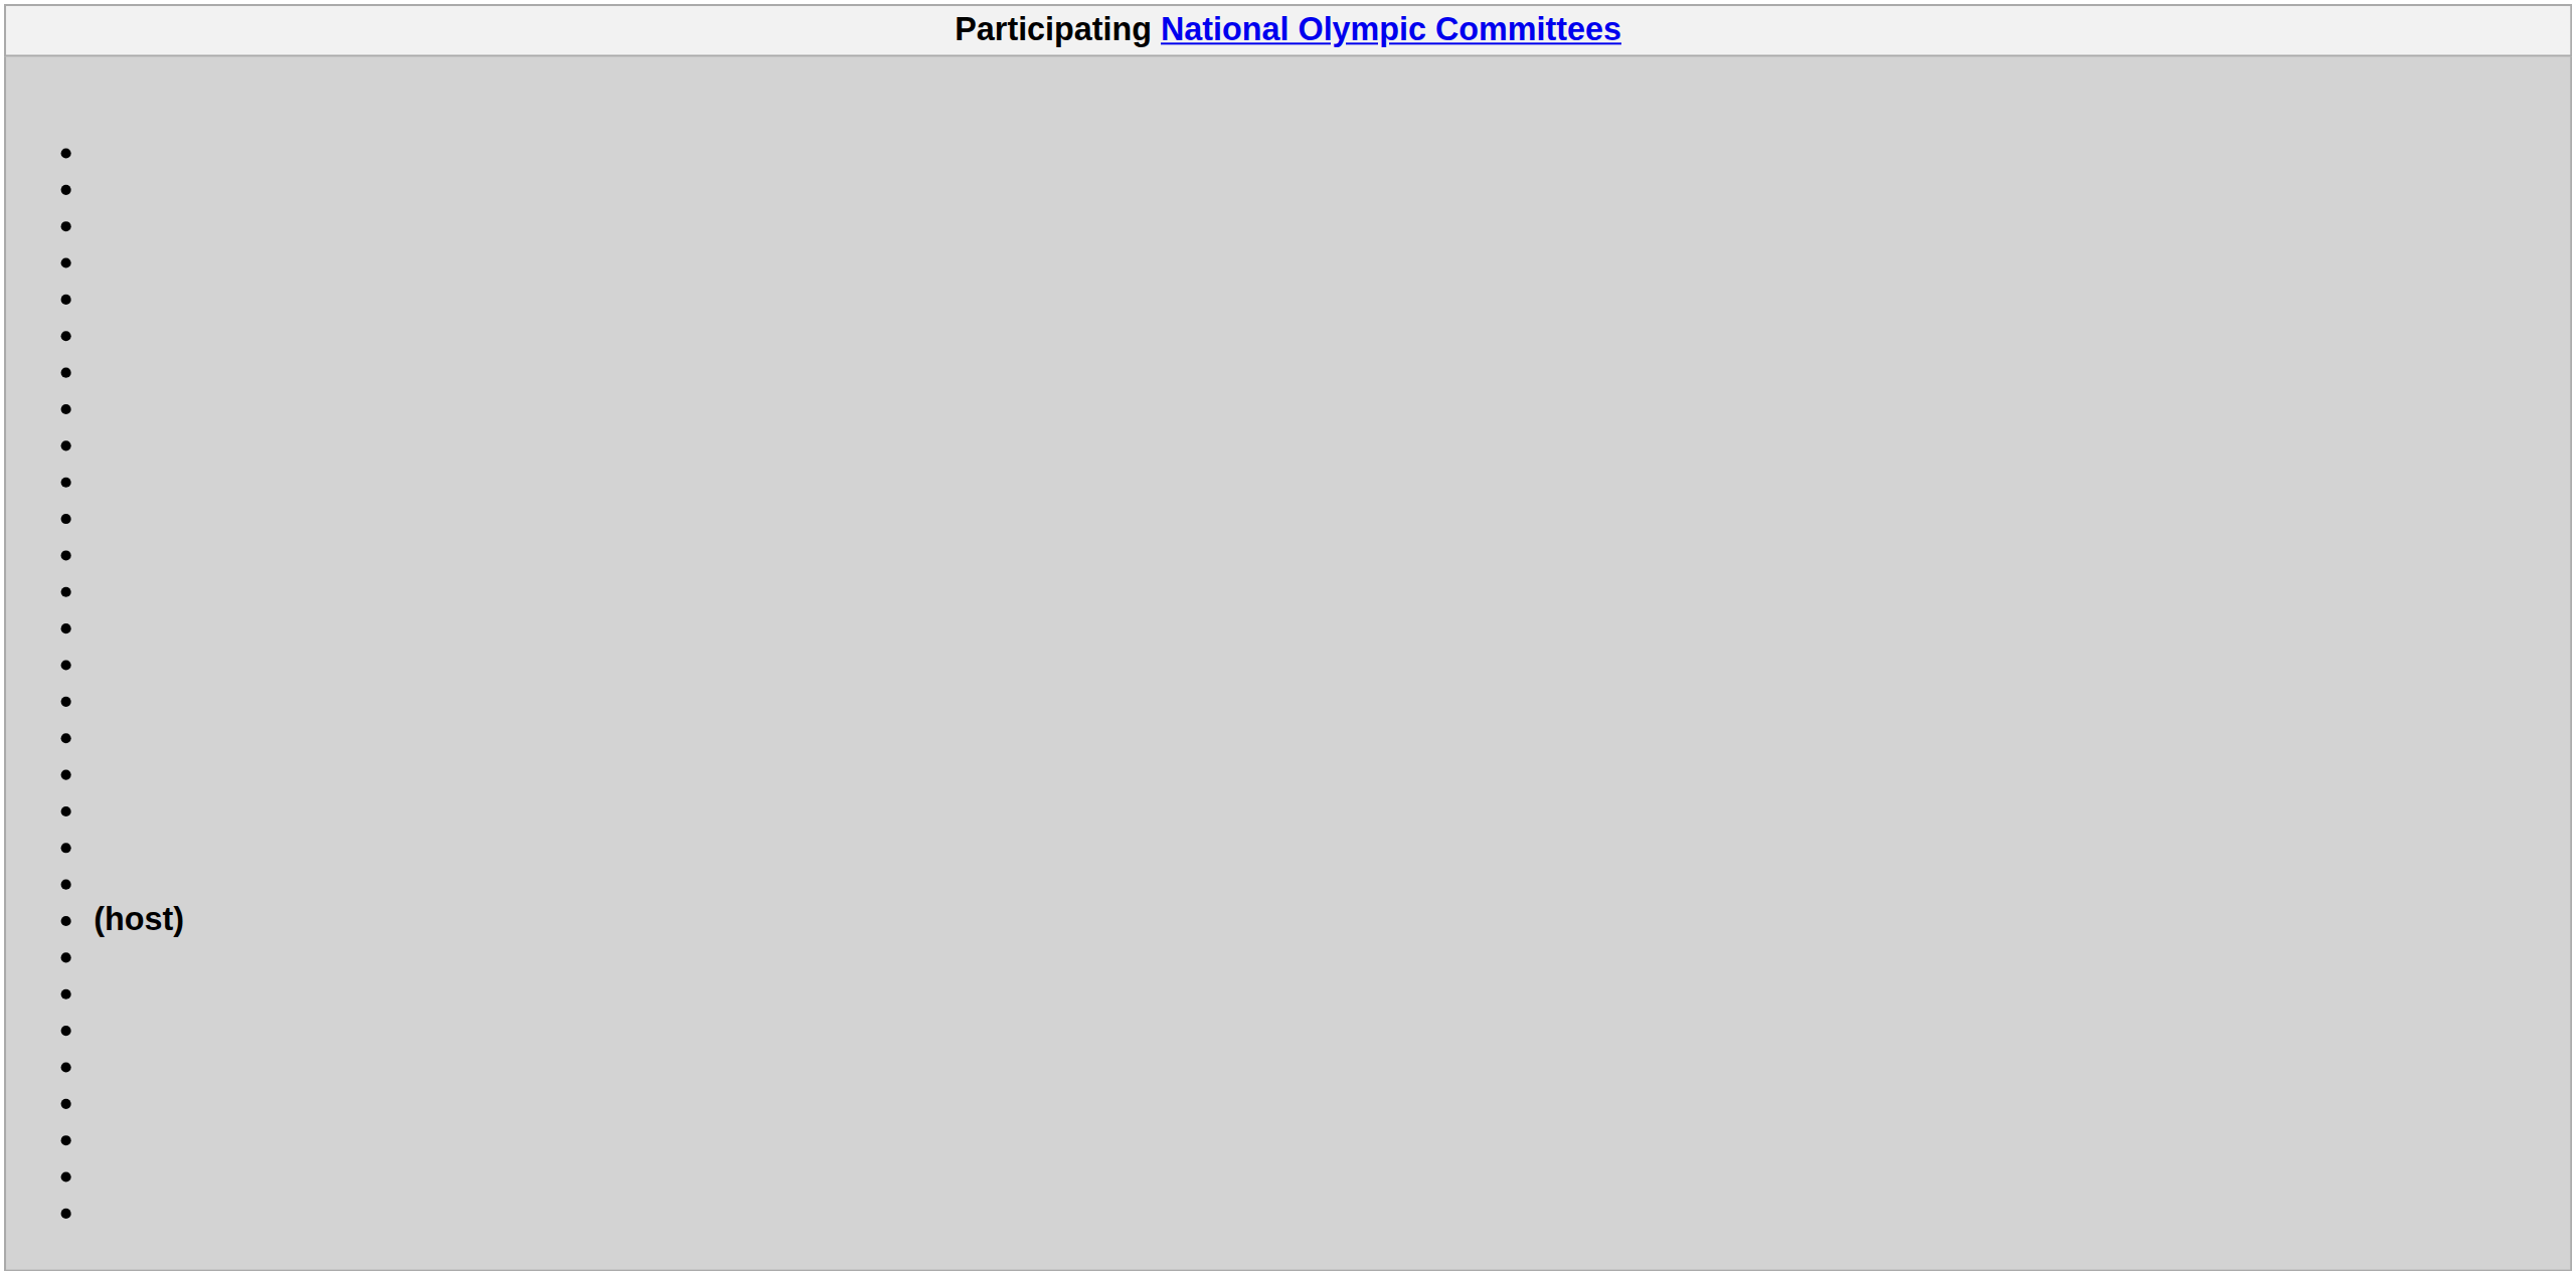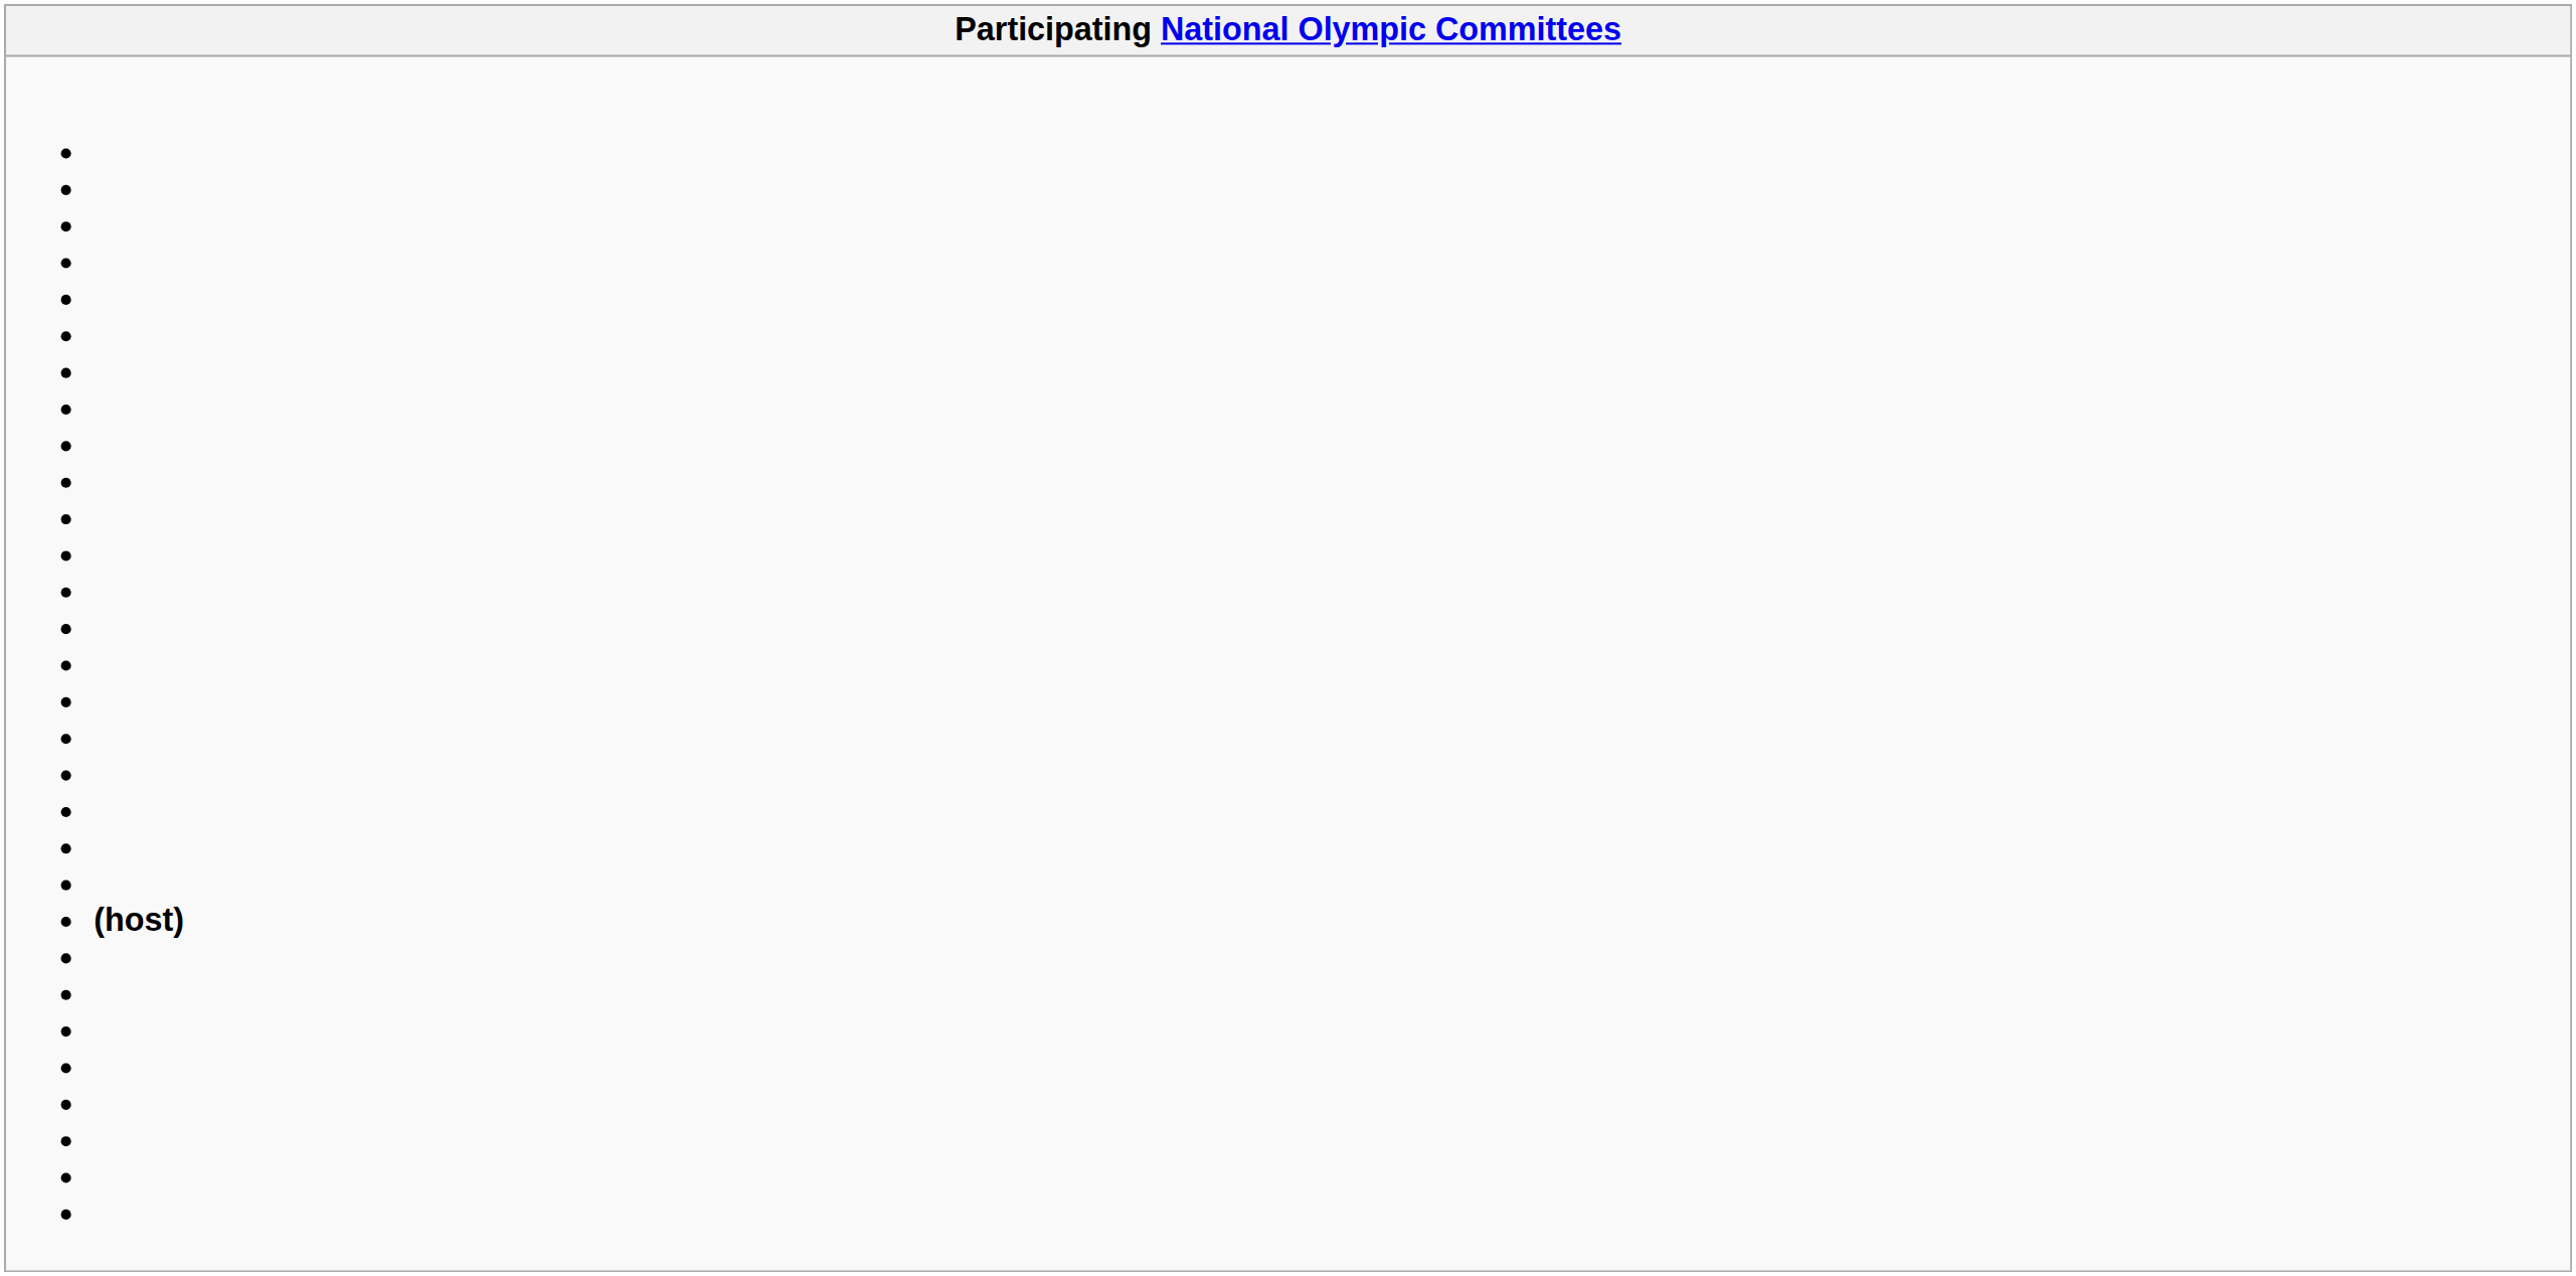 <table class="wikitable collapsible" style="width:100%;">
 <tr>
 <th>Participating <a href='#'>National Olympic Committees</a></th>
 </tr>
 <tr>
-<td style="background: lightgrey;"><br><ul><li></li><li></li><li></li><li></li><li></li><li></li><li></li><li></li><li></li><li></li><li></li><li></li><li></li><li></li><li></li><li></li><li></li><li></li><li></li><li></li><li></li><li> <strong>(host)</strong></li><li></li><li></li><li></li><li></li><li></li><li></li><li></li><li></li></ul></td>
+<td><br><ul><li></li><li></li><li></li><li></li><li></li><li></li><li></li><li></li><li></li><li></li><li></li><li></li><li></li><li></li><li></li><li></li><li></li><li></li><li></li><li></li><li></li><li> <strong>(host)</strong></li><li></li><li></li><li></li><li></li><li></li><li></li><li></li><li></li></ul></td>
 </tr>
 </table>
